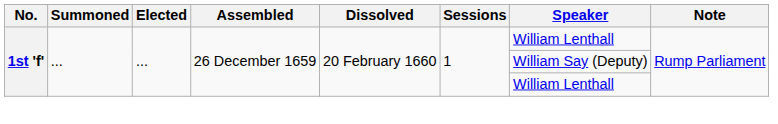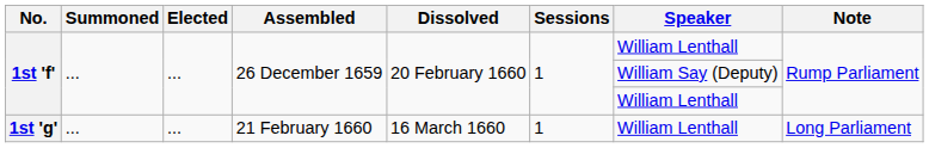 <table class="wikitable">
 <tr>
 <th>No.</th>
 <th>Summoned</th>
 <th>Elected</th>
 <th>Assembled</th>
 <th>Dissolved</th>
 <th>Sessions</th>
 <th><a href='#'>Speaker</a></th>
 <th>Note</th>
 </tr>
 <tr>
 <th rowspan=3><a href='#'>1st</a> 'f'</th>
 <td rowspan=3>...</td>
 <td rowspan=3>...</td>
 <td rowspan=3>26 December 1659</td>
 <td rowspan=3>20 February 1660</td>
 <td rowspan=3>1</td>
 <td><a href='#'>William Lenthall</a></td>
 <td rowspan=3><a href='#'>Rump Parliament</a></td>
 </tr>
 <tr>
 <td><a href='#'>William Say</a> (Deputy)</td>
 </tr>
 <tr>
 <td><a href='#'>William Lenthall</a></td>
 </tr>
+<tr>
+<th><a href='#'>1st</a> 'g'</th>
+<td>...</td>
+<td>...</td>
+<td>21 February 1660</td>
+<td>16 March 1660</td>
+<td>1</td>
+<td><a href='#'>William Lenthall</a></td>
+<td><a href='#'>Long Parliament</a></td>
+</tr>
 </table>
